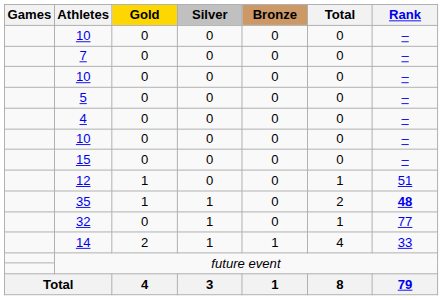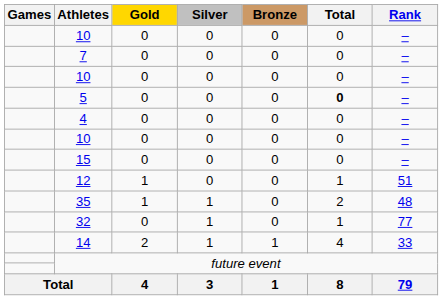 <table class="wikitable" style="text-align:center; font-size:90%;">
 <tr>
 <th>Games</th>
 <th>Athletes</th>
 <td style="background:gold; width:4.5em; font-weight:bold;">Gold</td>
 <td style="background:silver; width:4.5em; font-weight:bold;">Silver</td>
 <td style="background:#cc9966; width:4.5em; font-weight:bold;">Bronze</td>
 <th style="width:4.5em; font-weight:bold;">Total</th>
 <th style="width:4.5em; font-weight:bold;"><a href='#'>Rank</a></th>
 </tr>
 <tr>
 <td align=left></td>
 <td><a href='#'>10</a></td>
 <td>0</td>
 <td>0</td>
 <td>0</td>
 <td>0</td>
 <td><a href='#'>–</a></td>
 </tr>
 <tr>
 <td align=left></td>
 <td><a href='#'>7</a></td>
 <td>0</td>
 <td>0</td>
 <td>0</td>
 <td>0</td>
 <td><a href='#'>–</a></td>
 </tr>
 <tr>
 <td align=left></td>
 <td><a href='#'>10</a></td>
 <td>0</td>
 <td>0</td>
 <td>0</td>
 <td>0</td>
 <td><a href='#'>–</a></td>
 </tr>
 <tr>
 <td align=left></td>
 <td><a href='#'>5</a></td>
 <td>0</td>
 <td>0</td>
 <td>0</td>
-<td>0</td>
+<td><strong>0</strong></td>
 <td><a href='#'>–</a></td>
 </tr>
 <tr>
 <td align=left></td>
 <td><a href='#'>4</a></td>
 <td>0</td>
 <td>0</td>
 <td>0</td>
 <td>0</td>
 <td><a href='#'>–</a></td>
 </tr>
 <tr>
 <td align=left></td>
 <td><a href='#'>10</a></td>
 <td>0</td>
 <td>0</td>
 <td>0</td>
 <td>0</td>
 <td><a href='#'>–</a></td>
 </tr>
 <tr>
 <td align=left></td>
 <td><a href='#'>15</a></td>
 <td>0</td>
 <td>0</td>
 <td>0</td>
 <td>0</td>
 <td><a href='#'>–</a></td>
 </tr>
 <tr>
 <td align=left></td>
 <td><a href='#'>12</a></td>
 <td>1</td>
 <td>0</td>
 <td>0</td>
 <td>1</td>
 <td><a href='#'>51</a></td>
 </tr>
 <tr>
 <td align=left></td>
 <td><a href='#'>35</a></td>
 <td>1</td>
 <td>1</td>
 <td>0</td>
 <td>2</td>
-<td><strong><a href='#'>48</a></strong></td>
+<td><a href='#'>48</a></td>
 </tr>
 <tr>
 <td align=left></td>
 <td><a href='#'>32</a></td>
 <td>0</td>
 <td>1</td>
 <td>0</td>
 <td>1</td>
 <td><a href='#'>77</a></td>
 </tr>
 <tr>
 <td align=left></td>
 <td><a href='#'>14</a></td>
 <td>2</td>
 <td>1</td>
 <td>1</td>
 <td>4</td>
 <td><a href='#'>33</a></td>
 </tr>
 <tr>
 <td align=left></td>
 <td colspan=6; rowspan=2><em>future event</em></td>
 </tr>
 <tr>
 <td align=left></td>
 </tr>
 <tr>
 <th colspan=2>Total</th>
 <th>4</th>
 <th>3</th>
 <th>1</th>
 <th>8</th>
 <th><a href='#'>79</a></th>
 </tr>
 </table>
